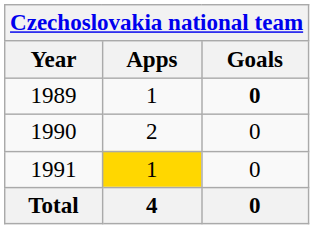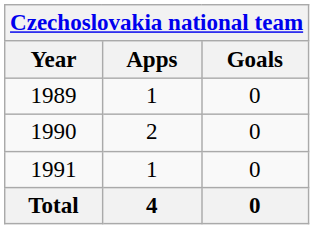 <table class="wikitable" style="text-align:center">
 <tr>
 <th colspan=3><a href='#'>Czechoslovakia national team</a></th>
 </tr>
 <tr>
 <th>Year</th>
 <th>Apps</th>
 <th>Goals</th>
 </tr>
 <tr>
 <td>1989</td>
 <td>1</td>
-<td><strong>0</strong></td>
+<td>0</td>
 </tr>
 <tr>
 <td>1990</td>
 <td>2</td>
 <td>0</td>
 </tr>
 <tr>
 <td>1991</td>
-<td style="background: gold;">1</td>
+<td>1</td>
 <td>0</td>
 </tr>
 <tr>
 <th>Total</th>
 <th>4</th>
 <th>0</th>
 </tr>
 </table>
